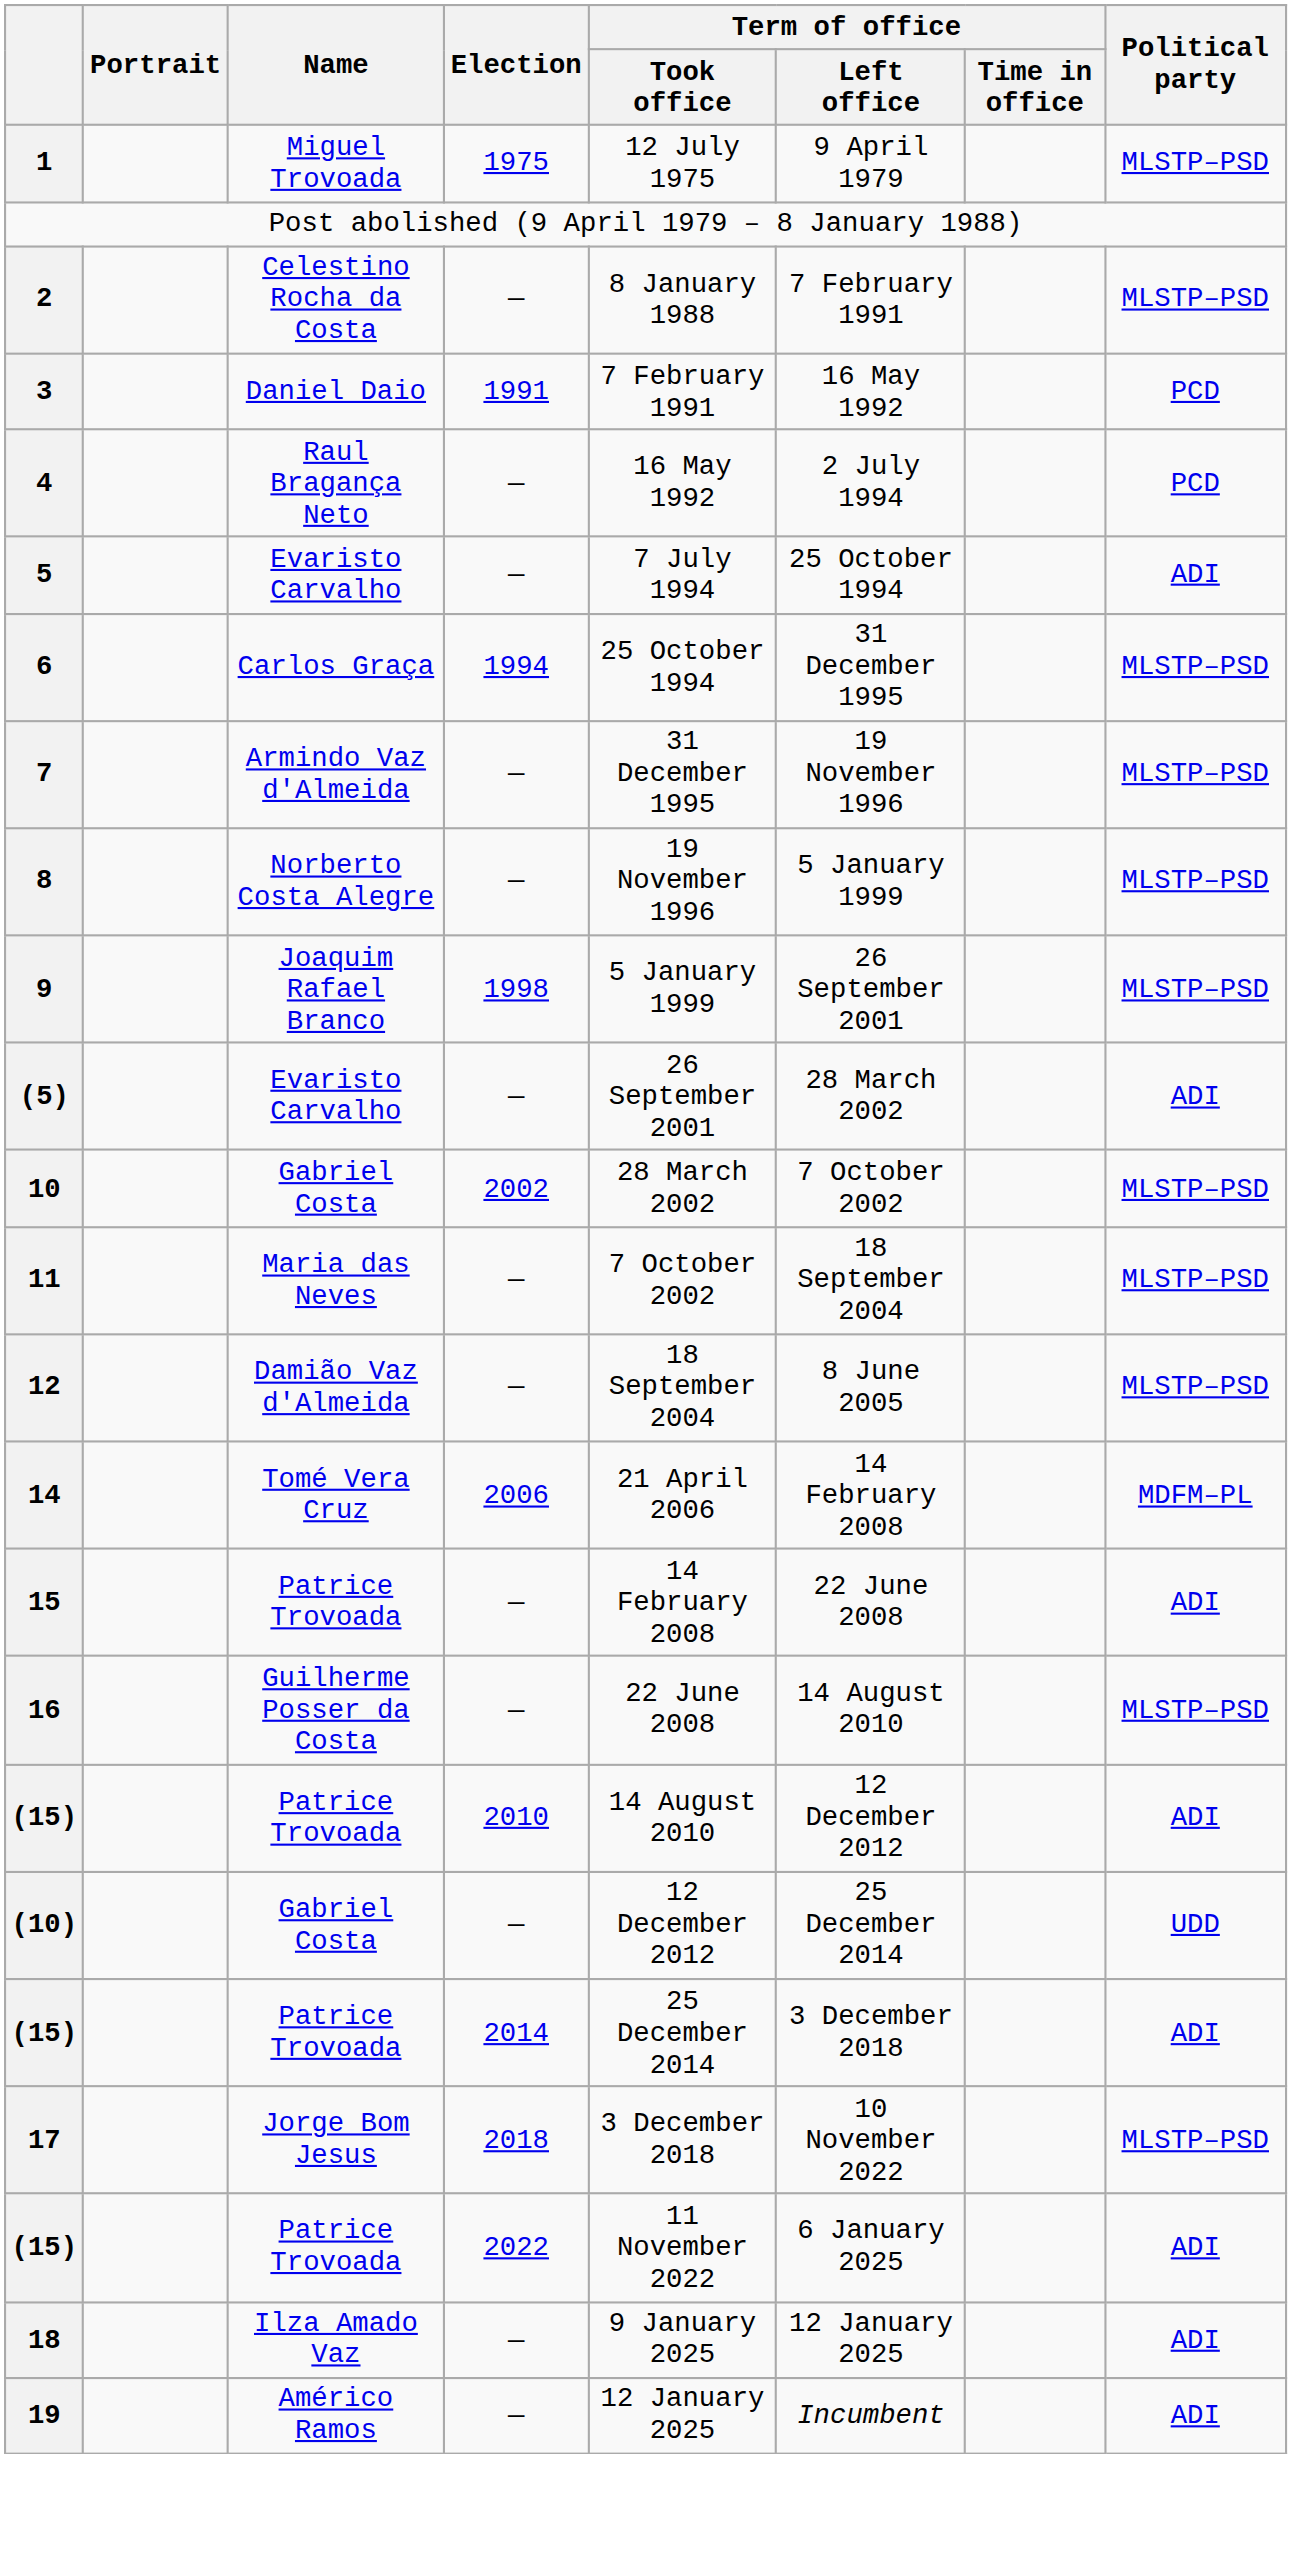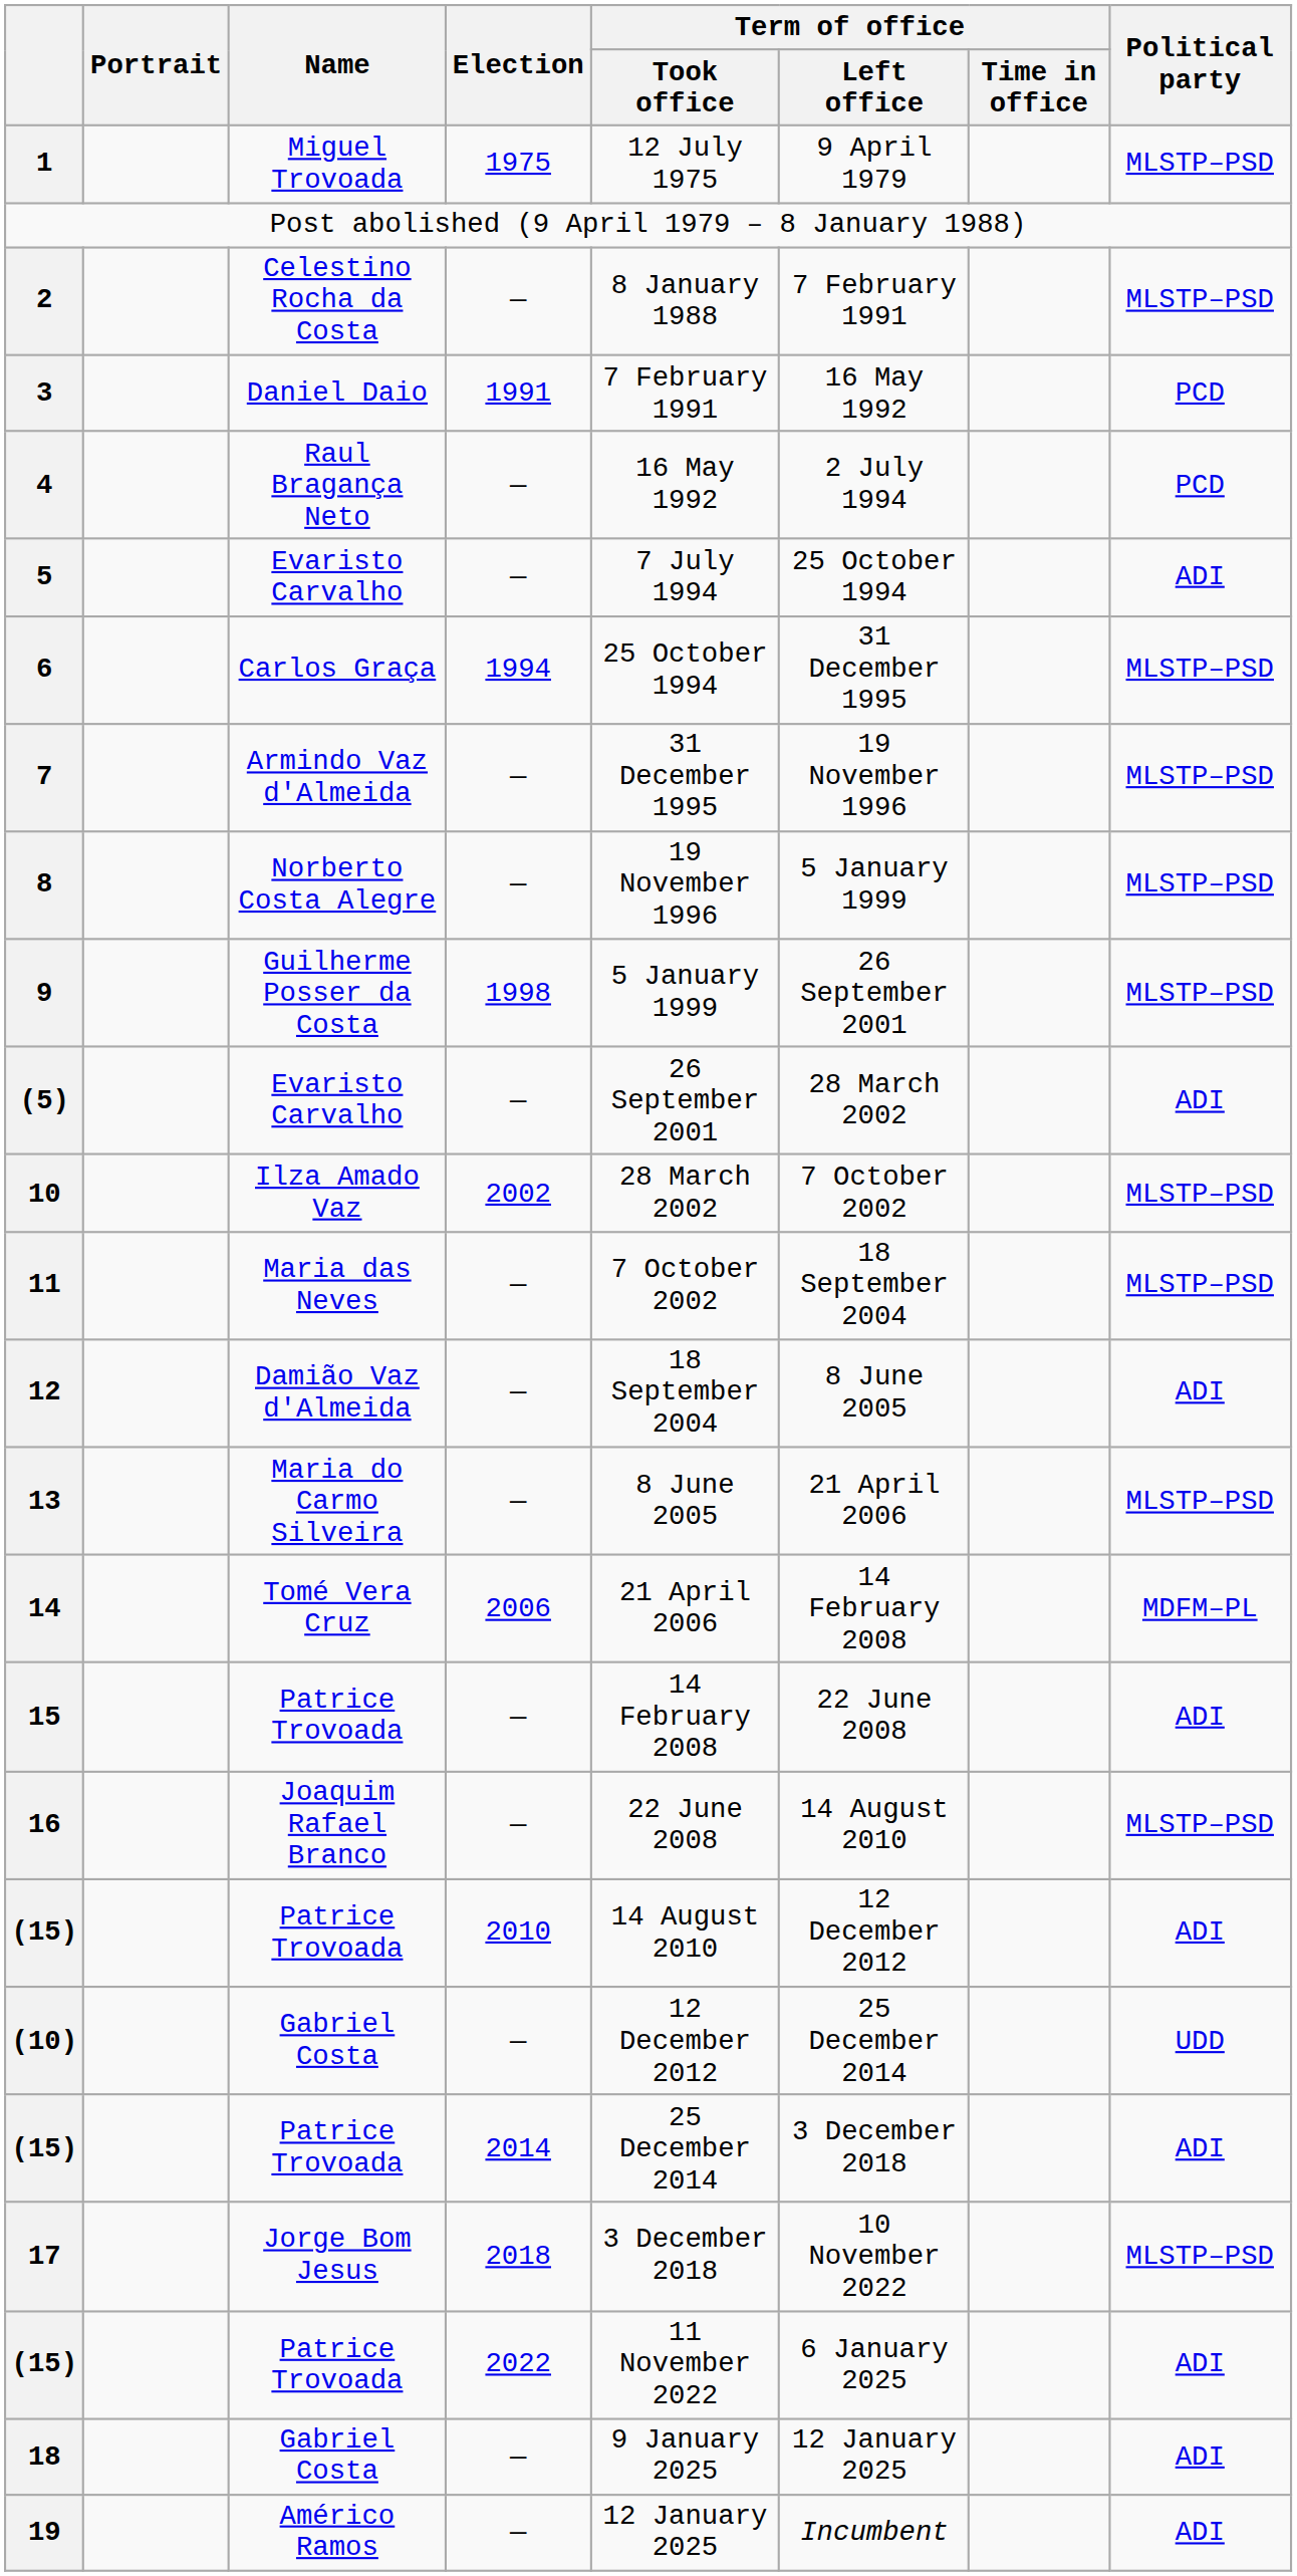 <table class="wikitable" style="text-align:center">
 <tr>
 <th rowspan="2"></th>
 <th rowspan="2">Portrait</th>
 <th rowspan="2">Name<br></th>
 <th rowspan="2">Election</th>
 <th colspan="3">Term of office</th>
 <th rowspan="2">Political party</th>
 </tr>
 <tr>
 <th>Took office</th>
 <th>Left office</th>
 <th>Time in office</th>
 </tr>
 <tr>
 <th style="background-color:">1</th>
 <td></td>
 <td><a href='#'>Miguel Trovoada</a><br></td>
 <td><a href='#'>1975</a></td>
 <td>12 July 1975</td>
 <td>9 April 1979</td>
 <td></td>
 <td><a href='#'>MLSTP–PSD</a></td>
 </tr>
 <tr>
 <td colspan="8">Post abolished (9 April 1979 – 8 January 1988)</td>
 </tr>
 <tr>
 <th style="background-color:">2</th>
 <td></td>
 <td><a href='#'>Celestino Rocha da Costa</a><br></td>
 <td>—</td>
 <td>8 January 1988</td>
 <td>7 February 1991</td>
 <td></td>
 <td><a href='#'>MLSTP–PSD</a></td>
 </tr>
 <tr>
 <th style="background-color:">3</th>
 <td></td>
 <td><a href='#'>Daniel Daio</a><br></td>
 <td><a href='#'>1991</a></td>
 <td>7 February 1991</td>
 <td>16 May 1992</td>
 <td></td>
 <td><a href='#'>PCD</a></td>
 </tr>
 <tr>
 <th style="background-color:">4</th>
 <td></td>
 <td><a href='#'>Raul Bragança Neto</a><br></td>
 <td>—</td>
 <td>16 May 1992</td>
 <td>2 July 1994</td>
 <td></td>
 <td><a href='#'>PCD</a></td>
 </tr>
 <tr>
 <th style="background-color:">5</th>
 <td></td>
 <td><a href='#'>Evaristo Carvalho</a><br></td>
 <td>—</td>
 <td>7 July 1994</td>
 <td>25 October 1994</td>
 <td></td>
 <td><a href='#'>ADI</a></td>
 </tr>
 <tr>
 <th style="background-color:">6</th>
 <td></td>
 <td><a href='#'>Carlos Graça</a><br></td>
 <td><a href='#'>1994</a></td>
 <td>25 October 1994</td>
 <td>31 December 1995</td>
 <td></td>
 <td><a href='#'>MLSTP–PSD</a></td>
 </tr>
 <tr>
 <th style="background-color:">7</th>
 <td></td>
 <td><a href='#'>Armindo Vaz d'Almeida</a><br></td>
 <td>—</td>
 <td>31 December 1995</td>
 <td>19 November 1996</td>
 <td></td>
 <td><a href='#'>MLSTP–PSD</a></td>
 </tr>
 <tr>
 <th style="background-color:">8</th>
 <td></td>
 <td><a href='#'>Norberto Costa Alegre</a><br></td>
 <td>—</td>
 <td>19 November 1996</td>
 <td>5 January 1999</td>
 <td></td>
 <td><a href='#'>MLSTP–PSD</a></td>
 </tr>
 <tr>
 <th style="background-color:">9</th>
 <td></td>
-<td><a href='#'>Joaquim Rafael Branco</a><br></td>
+<td><a href='#'>Guilherme Posser da Costa</a><br></td>
 <td><a href='#'>1998</a></td>
 <td>5 January 1999</td>
 <td>26 September 2001</td>
 <td></td>
 <td><a href='#'>MLSTP–PSD</a></td>
 </tr>
 <tr>
 <th style="background-color:">(5)</th>
 <td></td>
 <td><a href='#'>Evaristo Carvalho</a><br></td>
 <td>—</td>
 <td>26 September 2001</td>
 <td>28 March 2002</td>
 <td></td>
 <td><a href='#'>ADI</a></td>
 </tr>
 <tr>
 <th style="background-color:">10</th>
 <td></td>
-<td><a href='#'>Gabriel Costa</a><br></td>
+<td><a href='#'>Ilza Amado Vaz</a><br></td>
 <td><a href='#'>2002</a></td>
 <td>28 March 2002</td>
 <td>7 October 2002</td>
 <td></td>
 <td><a href='#'>MLSTP–PSD</a></td>
 </tr>
 <tr>
 <th style="background-color:">11</th>
 <td></td>
 <td><a href='#'>Maria das Neves</a><br></td>
 <td>—</td>
 <td>7 October 2002</td>
 <td>18 September 2004</td>
 <td></td>
 <td><a href='#'>MLSTP–PSD</a></td>
 </tr>
 <tr>
 <th style="background-color:">12</th>
 <td></td>
 <td><a href='#'>Damião Vaz d'Almeida</a><br></td>
 <td>—</td>
 <td>18 September 2004</td>
 <td>8 June 2005</td>
+<td></td>
+<td><a href='#'>ADI</a></td>
+</tr>
+<tr>
+<th style="background-color:">13</th>
+<td></td>
+<td><a href='#'>Maria do Carmo Silveira</a><br></td>
+<td>—</td>
+<td>8 June 2005</td>
+<td>21 April 2006</td>
 <td></td>
 <td><a href='#'>MLSTP–PSD</a></td>
 </tr>
 <tr>
 <th style="background-color:">14</th>
 <td></td>
 <td><a href='#'>Tomé Vera Cruz</a><br></td>
 <td><a href='#'>2006</a></td>
 <td>21 April 2006</td>
 <td>14 February 2008</td>
 <td></td>
 <td><a href='#'>MDFM–PL</a></td>
 </tr>
 <tr>
 <th style="background-color:">15</th>
 <td></td>
 <td><a href='#'>Patrice Trovoada</a><br></td>
 <td>—</td>
 <td>14 February 2008</td>
 <td>22 June 2008</td>
 <td></td>
 <td><a href='#'>ADI</a></td>
 </tr>
 <tr>
 <th style="background-color:">16</th>
 <td></td>
-<td><a href='#'>Guilherme Posser da Costa</a><br></td>
+<td><a href='#'>Joaquim Rafael Branco</a><br></td>
 <td>—</td>
 <td>22 June 2008</td>
 <td>14 August 2010</td>
 <td></td>
 <td><a href='#'>MLSTP–PSD</a></td>
 </tr>
 <tr>
 <th style="background-color:">(15)</th>
 <td></td>
 <td><a href='#'>Patrice Trovoada</a><br></td>
 <td><a href='#'>2010</a></td>
 <td>14 August 2010</td>
 <td>12 December 2012</td>
 <td></td>
 <td><a href='#'>ADI</a></td>
 </tr>
 <tr>
 <th style="background-color:">(10)</th>
 <td></td>
 <td><a href='#'>Gabriel Costa</a><br></td>
 <td>—</td>
 <td>12 December 2012</td>
 <td>25 December 2014</td>
 <td></td>
 <td><a href='#'>UDD</a></td>
 </tr>
 <tr>
 <th style="background-color:">(15)</th>
 <td></td>
 <td><a href='#'>Patrice Trovoada</a><br></td>
 <td><a href='#'>2014</a></td>
 <td>25 December 2014</td>
 <td>3 December 2018</td>
 <td></td>
 <td><a href='#'>ADI</a></td>
 </tr>
 <tr>
 <th style="background-color:">17</th>
 <td></td>
 <td><a href='#'>Jorge Bom Jesus</a><br></td>
 <td><a href='#'>2018</a></td>
 <td>3 December 2018</td>
 <td>10 November 2022</td>
 <td></td>
 <td><a href='#'>MLSTP–PSD</a></td>
 </tr>
 <tr>
 <th style="background-color:">(15)</th>
 <td></td>
 <td><a href='#'>Patrice Trovoada</a><br></td>
 <td><a href='#'>2022</a></td>
 <td>11 November 2022</td>
 <td>6 January 2025</td>
 <td></td>
 <td><a href='#'>ADI</a></td>
 </tr>
 <tr>
 <th style="background-color:">18</th>
 <td></td>
-<td><a href='#'>Ilza Amado Vaz</a><br></td>
+<td><a href='#'>Gabriel Costa</a><br></td>
 <td>—</td>
 <td>9 January 2025</td>
 <td>12 January 2025</td>
 <td></td>
 <td><a href='#'>ADI</a></td>
 </tr>
 <tr>
 <th style="background-color:">19</th>
 <td></td>
 <td><a href='#'>Américo Ramos</a><br></td>
 <td>—</td>
 <td>12 January 2025</td>
 <td><em>Incumbent</em></td>
 <td></td>
 <td><a href='#'>ADI</a></td>
 </tr>
 </table>
